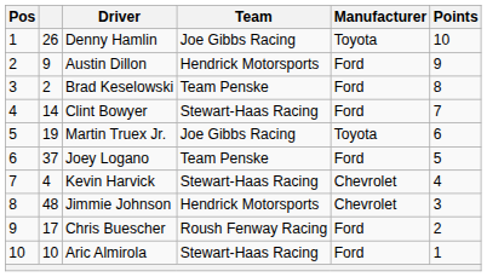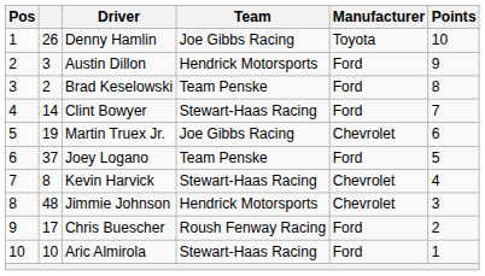 <table class="wikitable" style="font-size:98%">
 <tr>
 <th>Pos</th>
 <th></th>
 <th>Driver</th>
 <th>Team</th>
 <th>Manufacturer</th>
 <th>Points</th>
 </tr>
 <tr>
 <td>1</td>
 <td>26</td>
 <td>Denny Hamlin</td>
 <td>Joe Gibbs Racing</td>
 <td>Toyota</td>
 <td>10</td>
 </tr>
 <tr>
 <td>2</td>
-<td>9</td>
+<td>3</td>
 <td>Austin Dillon</td>
 <td>Hendrick Motorsports</td>
 <td>Ford</td>
 <td>9</td>
 </tr>
 <tr>
 <td>3</td>
 <td>2</td>
 <td>Brad Keselowski</td>
 <td>Team Penske</td>
 <td>Ford</td>
 <td>8</td>
 </tr>
 <tr>
 <td>4</td>
 <td>14</td>
 <td>Clint Bowyer</td>
 <td>Stewart-Haas Racing</td>
 <td>Ford</td>
 <td>7</td>
 </tr>
 <tr>
 <td>5</td>
 <td>19</td>
 <td>Martin Truex Jr.</td>
 <td>Joe Gibbs Racing</td>
-<td>Toyota</td>
+<td>Chevrolet</td>
 <td>6</td>
 </tr>
 <tr>
 <td>6</td>
 <td>37</td>
 <td>Joey Logano</td>
 <td>Team Penske</td>
 <td>Ford</td>
 <td>5</td>
 </tr>
 <tr>
 <td>7</td>
-<td>4</td>
+<td>8</td>
 <td>Kevin Harvick</td>
 <td>Stewart-Haas Racing</td>
 <td>Chevrolet</td>
 <td>4</td>
 </tr>
 <tr>
 <td>8</td>
 <td>48</td>
 <td>Jimmie Johnson</td>
 <td>Hendrick Motorsports</td>
 <td>Chevrolet</td>
 <td>3</td>
 </tr>
 <tr>
 <td>9</td>
 <td>17</td>
 <td>Chris Buescher</td>
 <td>Roush Fenway Racing</td>
 <td>Ford</td>
 <td>2</td>
 </tr>
 <tr>
 <td>10</td>
 <td>10</td>
 <td>Aric Almirola</td>
 <td>Stewart-Haas Racing</td>
 <td>Ford</td>
 <td>1</td>
 </tr>
 <tr>
 <th colspan="6"></th>
 </tr>
 </table>
